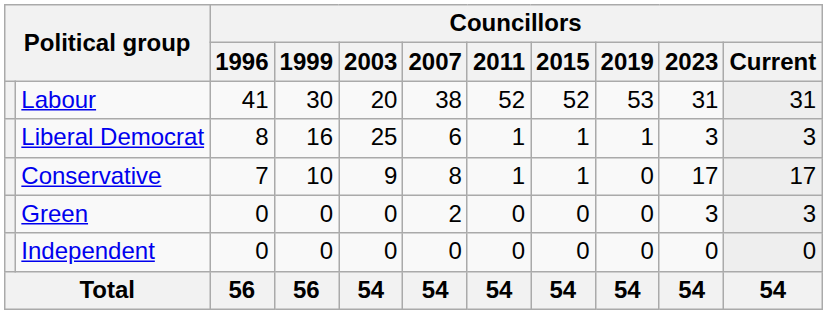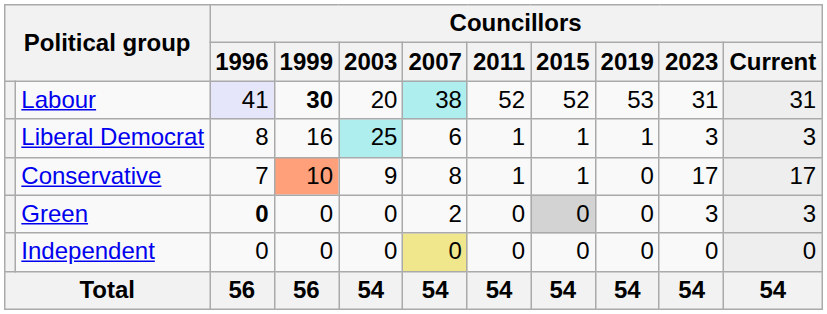 <table class="wikitable" style="text-align:right">
 <tr>
 <th colspan=2 rowspan=2>Political group</th>
 <th colspan=9>Councillors</th>
 </tr>
 <tr>
 <th>1996</th>
 <th>1999</th>
 <th>2003</th>
 <th>2007</th>
 <th>2011</th>
 <th>2015</th>
 <th>2019</th>
 <th>2023</th>
 <th>Current</th>
 </tr>
 <tr>
 <th style="background-color: "></th>
 <td style="text-align:left"><a href='#'>Labour</a></td>
-<td>41</td>
-<td>30</td>
+<td style="background: lavender;">41</td>
+<td><strong>30</strong></td>
 <td>20</td>
-<td>38</td>
+<td style="background: paleturquoise;">38</td>
 <td>52</td>
 <td>52</td>
 <td>53</td>
 <td>31</td>
 <td style="background:#eee;">31</td>
 </tr>
 <tr>
 <th style="background-color: "></th>
 <td style="text-align:left"><a href='#'>Liberal Democrat</a></td>
 <td>8</td>
 <td>16</td>
-<td>25</td>
+<td style="background: paleturquoise;">25</td>
 <td>6</td>
 <td>1</td>
 <td>1</td>
 <td>1</td>
 <td>3</td>
 <td style="background:#eee;">3</td>
 </tr>
 <tr>
 <th style="background-color: "></th>
 <td style="text-align:left"><a href='#'>Conservative</a></td>
 <td>7</td>
-<td>10</td>
+<td style="background: lightsalmon;">10</td>
 <td>9</td>
 <td>8</td>
 <td>1</td>
 <td>1</td>
 <td>0</td>
 <td>17</td>
 <td style="background:#eee;">17</td>
 </tr>
 <tr>
 <th style="background-color: "></th>
 <td style="text-align:left"><a href='#'>Green</a></td>
-<td>0</td>
+<td><strong>0</strong></td>
 <td>0</td>
 <td>0</td>
 <td>2</td>
 <td>0</td>
-<td>0</td>
+<td style="background: lightgrey;">0</td>
 <td>0</td>
 <td>3</td>
 <td style="background:#eee;">3</td>
 </tr>
 <tr>
 <th style="background-color: "></th>
 <td style="text-align:left"><a href='#'>Independent</a></td>
 <td>0</td>
 <td>0</td>
 <td>0</td>
-<td>0</td>
+<td style="background: khaki;">0</td>
 <td>0</td>
 <td>0</td>
 <td>0</td>
 <td>0</td>
 <td style="background:#eee;">0</td>
 </tr>
 <tr>
 <th colspan=2>Total</th>
 <th>56</th>
 <th>56</th>
 <th>54</th>
 <th>54</th>
 <th>54</th>
 <th>54</th>
 <th>54</th>
 <th>54</th>
 <th>54</th>
 </tr>
 </table>
